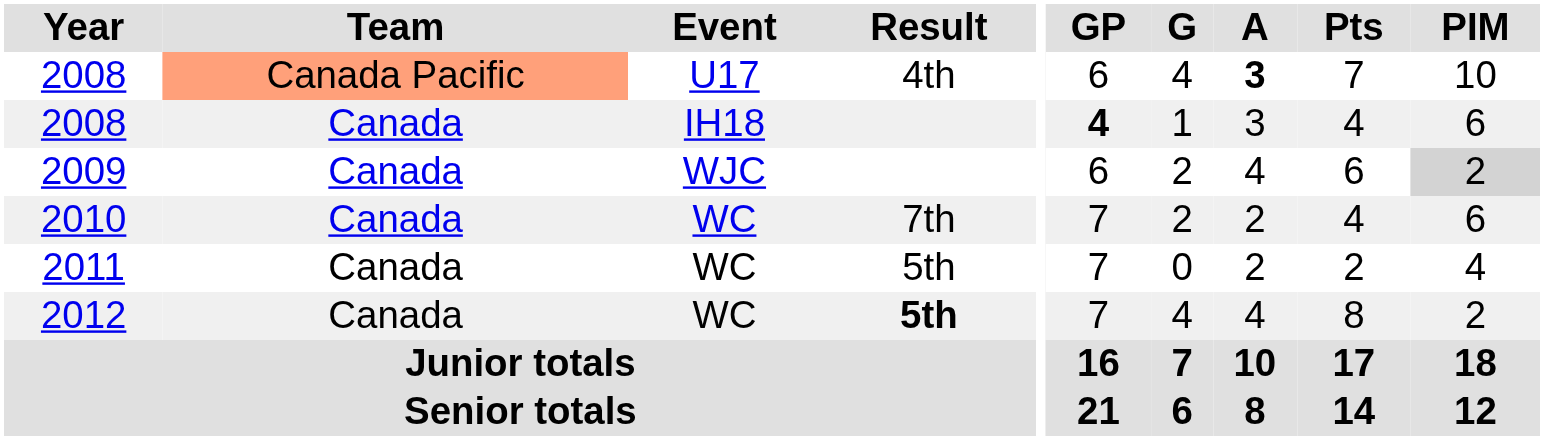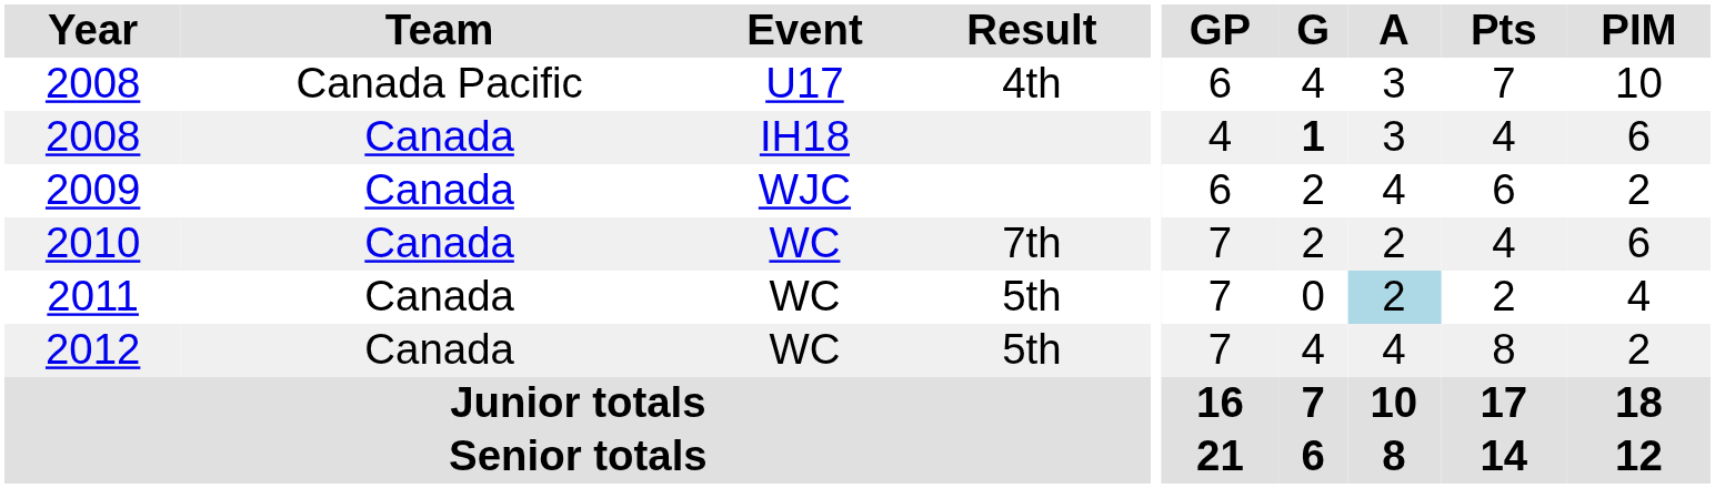 <table border="0" cellpadding="1" cellspacing="0" ID="Table3" style="text-align:center; width:40em;">
 <tr bgcolor="#e0e0e0">
 <th>Year</th>
 <th>Team</th>
 <th>Event</th>
 <th>Result</th>
 <th rowspan="99" bgcolor="#ffffff"></th>
 <th>GP</th>
 <th>G</th>
 <th>A</th>
 <th>Pts</th>
 <th>PIM</th>
 </tr>
 <tr>
 <td><a href='#'>2008</a></td>
-<td style="background: lightsalmon;">Canada Pacific</td>
+<td>Canada Pacific</td>
 <td><a href='#'>U17</a></td>
 <td>4th</td>
 <td>6</td>
 <td>4</td>
-<td><strong>3</strong></td>
+<td>3</td>
 <td>7</td>
 <td>10</td>
 </tr>
 <tr bgcolor="#f0f0f0">
 <td><a href='#'>2008</a></td>
 <td><a href='#'>Canada</a></td>
 <td><a href='#'>IH18</a></td>
 <td></td>
-<td><strong>4</strong></td>
-<td>1</td>
+<td>4</td>
+<td><strong>1</strong></td>
 <td>3</td>
 <td>4</td>
 <td>6</td>
 </tr>
 <tr>
 <td><a href='#'>2009</a></td>
 <td><a href='#'>Canada</a></td>
 <td><a href='#'>WJC</a></td>
 <td></td>
 <td>6</td>
 <td>2</td>
 <td>4</td>
 <td>6</td>
-<td style="background: lightgrey;">2</td>
+<td>2</td>
 </tr>
 <tr bgcolor="#f0f0f0">
 <td><a href='#'>2010</a></td>
 <td><a href='#'>Canada</a></td>
 <td><a href='#'>WC</a></td>
 <td>7th</td>
 <td>7</td>
 <td>2</td>
 <td>2</td>
 <td>4</td>
 <td>6</td>
 </tr>
 <tr>
 <td><a href='#'>2011</a></td>
 <td>Canada</td>
 <td>WC</td>
 <td>5th</td>
 <td>7</td>
 <td>0</td>
-<td>2</td>
+<td style="background: lightblue;">2</td>
 <td>2</td>
 <td>4</td>
 </tr>
 <tr bgcolor="#f0f0f0">
 <td><a href='#'>2012</a></td>
 <td>Canada</td>
 <td>WC</td>
-<td><strong>5th</strong></td>
+<td>5th</td>
 <td>7</td>
 <td>4</td>
 <td>4</td>
 <td>8</td>
 <td>2</td>
 </tr>
 <tr bgcolor="#e0e0e0">
 <th colspan="4">Junior totals</th>
 <th>16</th>
 <th>7</th>
 <th>10</th>
 <th>17</th>
 <th>18</th>
 </tr>
 <tr bgcolor="#e0e0e0">
 <th colspan="4">Senior totals</th>
 <th>21</th>
 <th>6</th>
 <th>8</th>
 <th>14</th>
 <th>12</th>
 </tr>
 </table>
